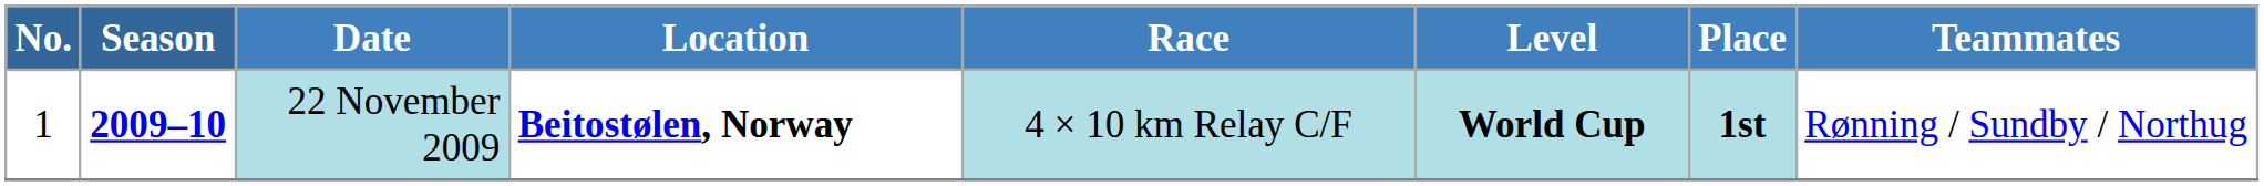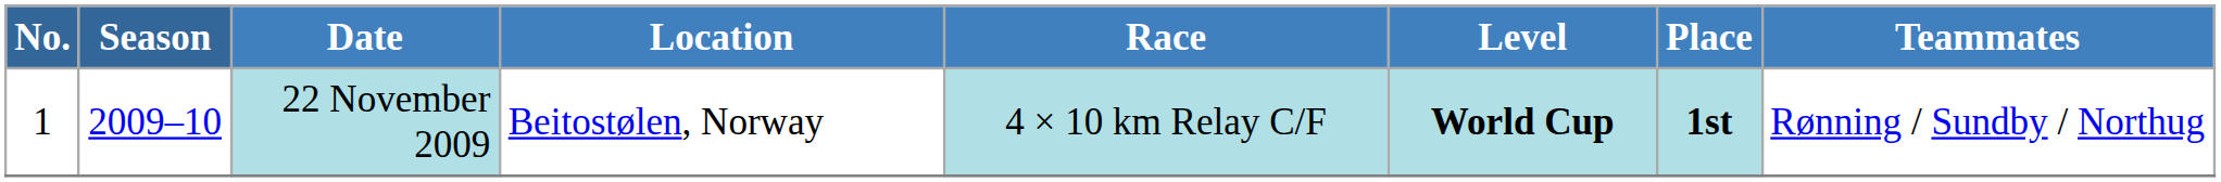 <table class="wikitable sortable" style="font-size:95%; text-align:center; border:grey solid 1px; border-collapse:collapse; background:#ffffff;">
 <tr style="background:#efefef;">
 <th style="background-color:#369; color:white;">No.</th>
 <th style="background-color:#369; color:white;">Season</th>
 <th style="background-color:#4180be; color:white; width:100px;">Date</th>
 <th style="background-color:#4180be; color:white; width:170px;">Location</th>
 <th style="background-color:#4180be; color:white; width:170px;">Race</th>
 <th style="background-color:#4180be; color:white; width:100px;">Level</th>
 <th style="background-color:#4180be; color:white;">Place</th>
 <th style="background-color:#4180be; color:white;">Teammates</th>
 </tr>
 <tr>
 <td align=center>1</td>
-<td rowspan=1 align=center><strong><a href='#'>2009–10</a></strong></td>
+<td rowspan=1 align=center><a href='#'>2009–10</a></td>
 <td bgcolor="#BOEOE6" align=right>22 November 2009</td>
-<td align=left><strong> <a href='#'>Beitostølen</a>, Norway</strong></td>
+<td align=left> <a href='#'>Beitostølen</a>, Norway</td>
 <td bgcolor="#BOEOE6">4 × 10 km Relay C/F</td>
 <td bgcolor="#BOEOE6"><strong>World Cup</strong></td>
 <td bgcolor="#BOEOE6"><strong>1st</strong></td>
 <td><a href='#'>Rønning</a> / <a href='#'>Sundby</a> / <a href='#'>Northug</a></td>
 </tr>
 <tr>
 </tr>
 </table>
